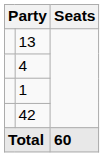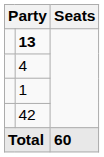 <table class="wikitable">
 <tr>
 <th colspan=2>Party</th>
 <th>Seats</th>
 </tr>
 <tr>
 <td></td>
-<td>13</td>
+<td><strong>13</strong></td>
 </tr>
 <tr>
 <td></td>
 <td>4</td>
 </tr>
 <tr>
 <td></td>
 <td>1</td>
 </tr>
 <tr>
 <td></td>
 <td>42</td>
 </tr>
 <tr style="font-weight:bold; background:rgb(232,232,232);">
 <td colspan=2>Total</td>
 <td>60</td>
 </tr>
 </table>
